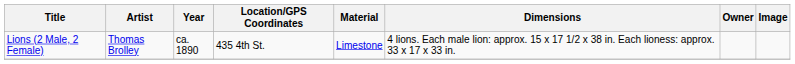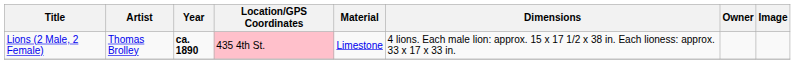 <table class="wikitable sortable">
 <tr>
 <th>Title</th>
 <th>Artist</th>
 <th>Year</th>
 <th>Location/GPS Coordinates</th>
 <th>Material</th>
 <th>Dimensions</th>
 <th>Owner</th>
 <th>Image</th>
 </tr>
 <tr>
 <td><a href='#'>Lions (2 Male, 2 Female)</a></td>
 <td><a href='#'>Thomas Brolley</a></td>
-<td>ca. 1890</td>
-<td>435 4th St. </td>
+<td><strong>ca. 1890</strong></td>
+<td style="background: pink;">435 4th St. </td>
 <td><a href='#'>Limestone</a></td>
 <td>4 lions. Each male lion: approx. 15 x 17 1/2 x 38 in. Each lioness: approx. 33 x 17 x 33 in.</td>
 <td></td>
 <td></td>
 </tr>
 <tr>
 </tr>
 </table>
